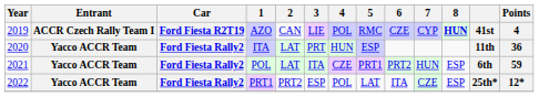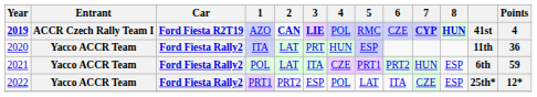 <table class="wikitable" style="text-align:center; font-size:90%">
 <tr>
 <th>Year</th>
 <th>Entrant</th>
 <th>Car</th>
 <th>1</th>
 <th>2</th>
 <th>3</th>
 <th>4</th>
 <th>5</th>
 <th>6</th>
 <th>7</th>
 <th>8</th>
 <th></th>
 <th>Points</th>
 </tr>
 <tr>
-<td><a href='#'>2019</a></td>
+<td><strong><a href='#'>2019</a></strong></td>
 <th>ACCR Czech Rally Team I</th>
 <th><a href='#'>Ford Fiesta R2T19</a></th>
 <td style="background:#CFCFFF;"><a href='#'>AZO</a><br></td>
-<td><a href='#'>CAN</a></td>
-<td style="background:#efcfff;"><a href='#'>LIE</a><br></td>
+<td><strong><a href='#'>CAN</a></strong></td>
+<td style="background:#efcfff;"><strong><a href='#'>LIE</a><br></strong></td>
 <td style="background:#CFCFFF;"><a href='#'>POL</a><br></td>
 <td style="background:#CFCFFF;"><a href='#'>RMC</a><br></td>
 <td style="background:#CFCFFF;"><a href='#'>CZE</a><br></td>
-<td style="background:#CFCFFF;"><a href='#'>CYP</a><br></td>
+<td style="background:#CFCFFF;"><strong><a href='#'>CYP</a><br></strong></td>
 <td style="background:#DFFFDF;"><strong><a href='#'>HUN</a><br></strong></td>
 <th>41st</th>
 <th>4</th>
 </tr>
 <tr>
 <td><a href='#'>2020</a></td>
 <th>Yacco ACCR Team</th>
 <th><a href='#'>Ford Fiesta Rally2</a></th>
 <td style="background:#CFCFFF;"><a href='#'>ITA</a><br></td>
 <td style="background:#DFFFDF;"><a href='#'>LAT</a><br></td>
 <td style="background:#DFFFDF;"><a href='#'>PRT</a><br></td>
 <td style="background:#DFFFDF;"><a href='#'>HUN</a><br></td>
 <td style="background:#CFCFFF;"><a href='#'>ESP</a><br></td>
 <td></td>
 <td></td>
 <td></td>
 <th>11th</th>
 <th>36</th>
 </tr>
 <tr>
 <td><a href='#'>2021</a></td>
 <th>Yacco ACCR Team</th>
 <th><a href='#'>Ford Fiesta Rally2</a></th>
 <td style="background:#DFFFDF;"><a href='#'>POL</a><br></td>
 <td style="background:#DFFFDF;"><a href='#'>LAT</a><br></td>
 <td style="background:#DFFFDF;"><a href='#'>ITA</a><br></td>
 <td style="background:#efcfff;"><a href='#'>CZE</a><br></td>
 <td style="background:#efcfff;"><a href='#'>PRT1</a><br></td>
 <td style="background:#DFFFDF;"><a href='#'>PRT2</a><br></td>
 <td style="background:#DFFFDF;"><a href='#'>HUN</a><br></td>
 <td><a href='#'>ESP</a></td>
 <th>6th</th>
 <th>59</th>
 </tr>
 <tr>
 <td><a href='#'>2022</a></td>
 <th>Yacco ACCR Team</th>
 <th><a href='#'>Ford Fiesta Rally2</a></th>
 <td style="background:#efcfff;"><a href='#'>PRT1</a><br></td>
 <td><a href='#'>PRT2</a></td>
 <td><a href='#'>ESP</a></td>
 <td><a href='#'>POL</a></td>
 <td><a href='#'>LAT</a></td>
 <td><a href='#'>ITA</a></td>
 <td style="background:#DFFFDF;"><a href='#'>CZE</a><br></td>
 <td><a href='#'>ESP</a></td>
 <th>25th*</th>
 <th>12*</th>
 </tr>
 <tr>
 </tr>
 </table>
